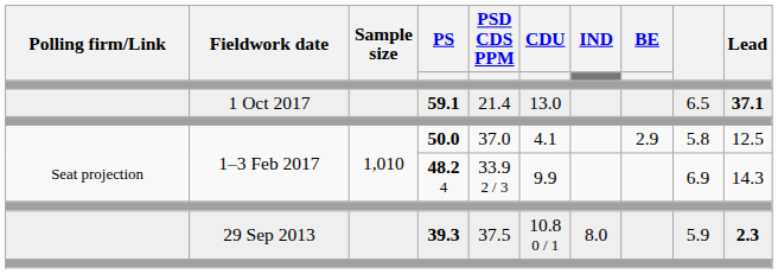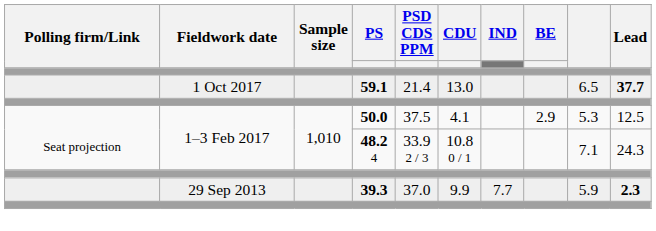 <table class="wikitable collapsible sortable" style="text-align:center; font-size:95%; line-height:16px;">
 <tr style="height:42px;">
 <th style="width:145px;" rowspan="2">Polling firm/Link</th>
 <th style="width:125px;" rowspan="2">Fieldwork date</th>
 <th class="unsortable" style="width:50px;" rowspan="2">Sample size</th>
 <th class="unsortable" style="width:35px;"><a href='#'>PS</a></th>
 <th class="unsortable" style="width:35px;"><a href='#'>PSD</a><br><a href='#'>CDS</a><br><a href='#'>PPM</a></th>
 <th class="unsortable" style="width:35px;"><a href='#'>CDU</a></th>
 <th class="unsortable" style="width:35px;"><a href='#'>IND</a></th>
 <th class="unsortable" style="width:35px;"><a href='#'>BE</a></th>
 <th class="unsortable" style="width:35px;" rowspan="2"></th>
 <th class="unsortable" style="width:30px;" rowspan="2">Lead</th>
 </tr>
 <tr>
 <th class="unsortable" style="color:inherit;background:"></th>
 <th class="unsortable" style="color:inherit;background:"></th>
 <th class="unsortable" style="color:inherit;background:"></th>
 <th class="unsortable" style="color:inherit;background:#777777;"></th>
 <th class="unsortable" style="color:inherit;background:"></th>
 </tr>
 <tr>
 <td colspan="10" style="background:#A0A0A0"></td>
 </tr>
 <tr style="background:#EFEFEF;">
 <td><strong></strong></td>
 <td data-sort-value="2019-10-06">1 Oct 2017</td>
 <td></td>
 <td><strong>59.1</strong><br></td>
 <td>21.4<br></td>
 <td>13.0<br></td>
 <td></td>
 <td></td>
 <td>6.5</td>
-<td style="background:"><strong>37.1</strong></td>
+<td style="background:"><strong>37.7</strong></td>
 </tr>
 <tr>
 <td colspan="10" style="background:#A0A0A0"></td>
 </tr>
 <tr>
 <td rowspan="2" align="center"><br><small>Seat projection</small></td>
 <td rowspan="2" align="center">1–3 Feb 2017</td>
 <td rowspan="2" align="center">1,010</td>
 <td align="center" ><strong>50.0</strong></td>
-<td>37.0<br></td>
+<td align="center">37.5</td>
 <td align="center">4.1</td>
 <td></td>
 <td align="center">2.9</td>
-<td align="center">5.8</td>
+<td align="center">5.3</td>
 <td style="background:">12.5</td>
 </tr>
 <tr>
 <td align="center" ><strong>48.2</strong><br><small>4</small></td>
 <td align="center">33.9<br><small>2 / 3</small></td>
-<td>9.9<br></td>
+<td align="center">10.8<br><small>0 / 1</small></td>
 <td></td>
 <td></td>
-<td align="center">6.9</td>
-<td style="background:">14.3</td>
+<td align="center">7.1</td>
+<td style="background:">24.3</td>
 </tr>
 <tr>
 <td colspan="10" style="background:#A0A0A0"></td>
 </tr>
 <tr style="background:#EFEFEF;">
 <td><strong></strong></td>
 <td data-sort-value="2019-10-06">29 Sep 2013</td>
 <td></td>
 <td><strong>39.3</strong><br></td>
-<td align="center">37.5</td>
-<td align="center">10.8<br><small>0 / 1</small></td>
-<td>8.0<br></td>
+<td>37.0<br></td>
+<td>9.9<br></td>
+<td>7.7<br></td>
 <td></td>
 <td>5.9</td>
 <td style="background:"><strong>2.3</strong></td>
 </tr>
 <tr>
 <td colspan="10" style="background:#A0A0A0"></td>
 </tr>
 </table>
